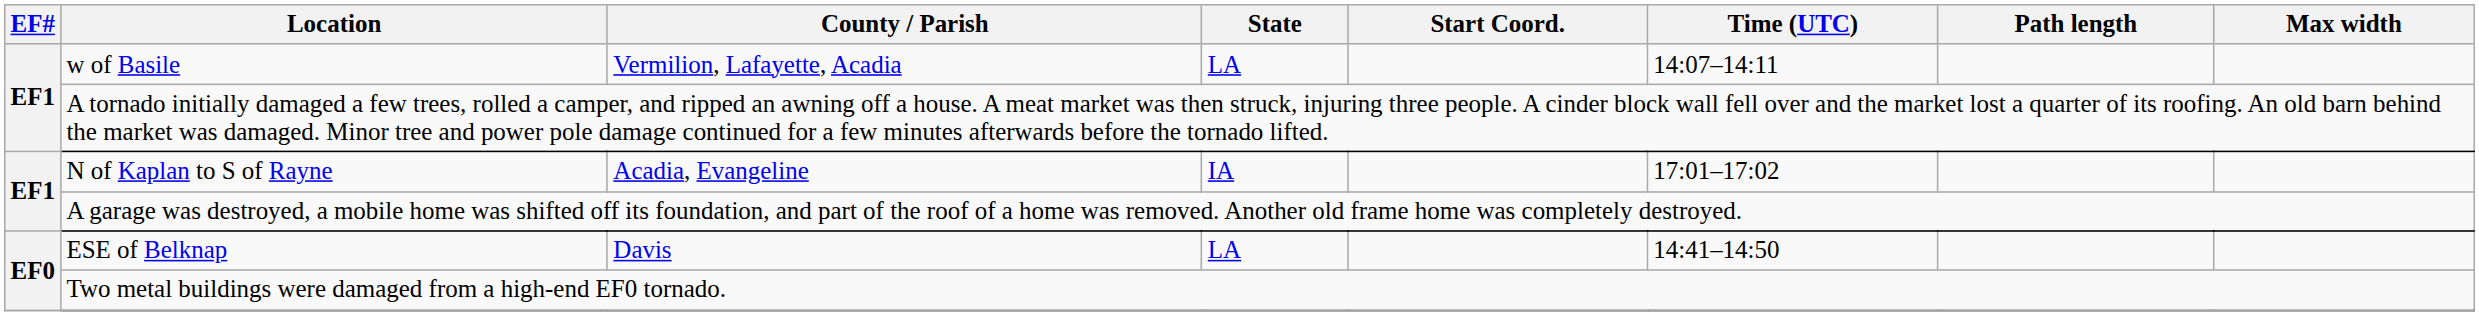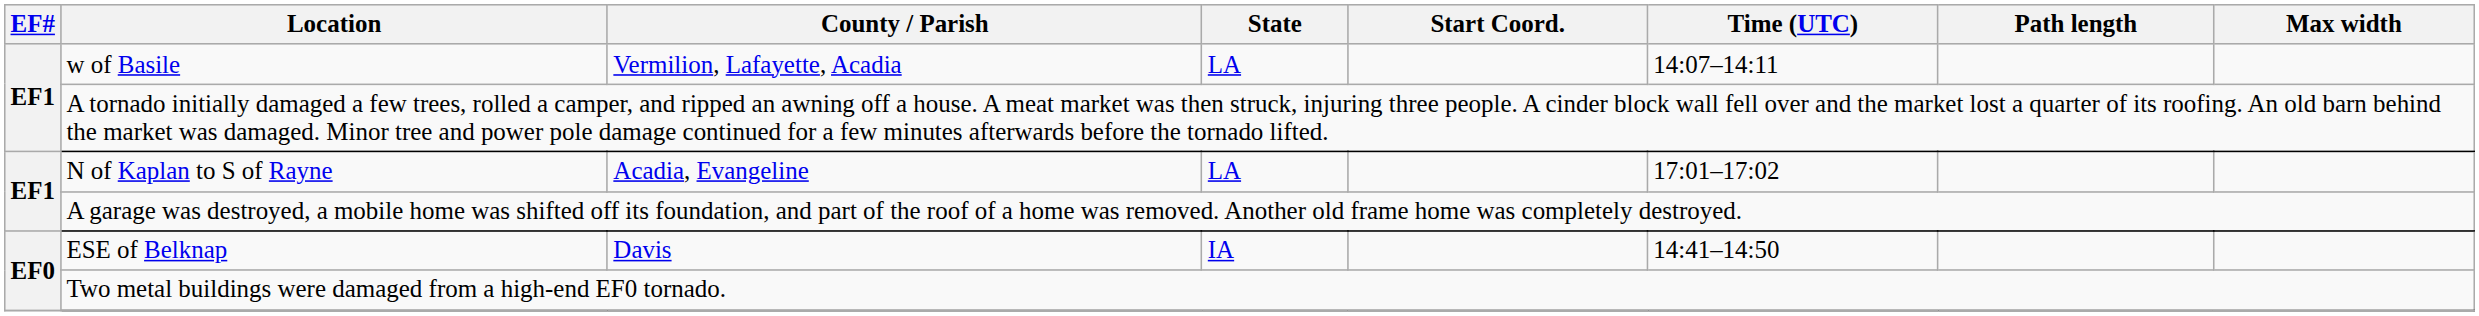 <table class="wikitable sortable" style="width:100%;">
 <tr>
 <th scope="col" width="2%" align="center"><a href='#'>EF#</a></th>
 <th scope="col" align="center" class="unsortable">Location</th>
 <th scope="col" align="center" class="unsortable">County / Parish</th>
 <th scope="col" align="center">State</th>
 <th scope="col" align="center">Start Coord.</th>
 <th scope="col" align="center">Time (<a href='#'>UTC</a>)</th>
 <th scope="col" align="center">Path length</th>
 <th scope="col" align="center">Max width</th>
 </tr>
 <tr>
 <th scope="row" rowspan="2" style="background-color:#">EF1</th>
 <td>w of <a href='#'>Basile</a></td>
 <td><a href='#'>Vermilion</a>, <a href='#'>Lafayette</a>, <a href='#'>Acadia</a></td>
 <td><a href='#'>LA</a></td>
 <td></td>
 <td>14:07–14:11</td>
 <td></td>
 <td></td>
 </tr>
 <tr class="expand-child">
 <td colspan="8" style=" border-bottom: 1px solid black;">A tornado initially damaged a few trees, rolled a camper, and ripped an awning off a house. A meat market was then struck, injuring three people. A cinder block wall fell over and the market lost a quarter of its roofing. An old barn behind the market was damaged. Minor tree and power pole damage continued for a few minutes afterwards before the tornado lifted.</td>
 </tr>
 <tr>
 <th scope="row" rowspan="2" style="background-color:#">EF1</th>
 <td>N of <a href='#'>Kaplan</a> to S of <a href='#'>Rayne</a></td>
 <td><a href='#'>Acadia</a>, <a href='#'>Evangeline</a></td>
-<td><a href='#'>IA</a></td>
+<td><a href='#'>LA</a></td>
 <td></td>
 <td>17:01–17:02</td>
 <td></td>
 <td></td>
 </tr>
 <tr class="expand-child">
 <td colspan="8" style=" border-bottom: 1px solid black;">A garage was destroyed, a mobile home was shifted off its foundation, and part of the roof of a home was removed. Another old frame home was completely destroyed.</td>
 </tr>
 <tr>
 <th scope="row" rowspan="2" style="background-color:#">EF0</th>
 <td>ESE of <a href='#'>Belknap</a></td>
 <td><a href='#'>Davis</a></td>
-<td><a href='#'>LA</a></td>
+<td><a href='#'>IA</a></td>
 <td></td>
 <td>14:41–14:50</td>
 <td></td>
 <td></td>
 </tr>
 <tr class="expand-child">
 <td colspan="8" style=" border-bottom: 1px solid black;">Two metal buildings were damaged from a high-end EF0 tornado.</td>
 </tr>
 <tr>
 </tr>
 </table>
